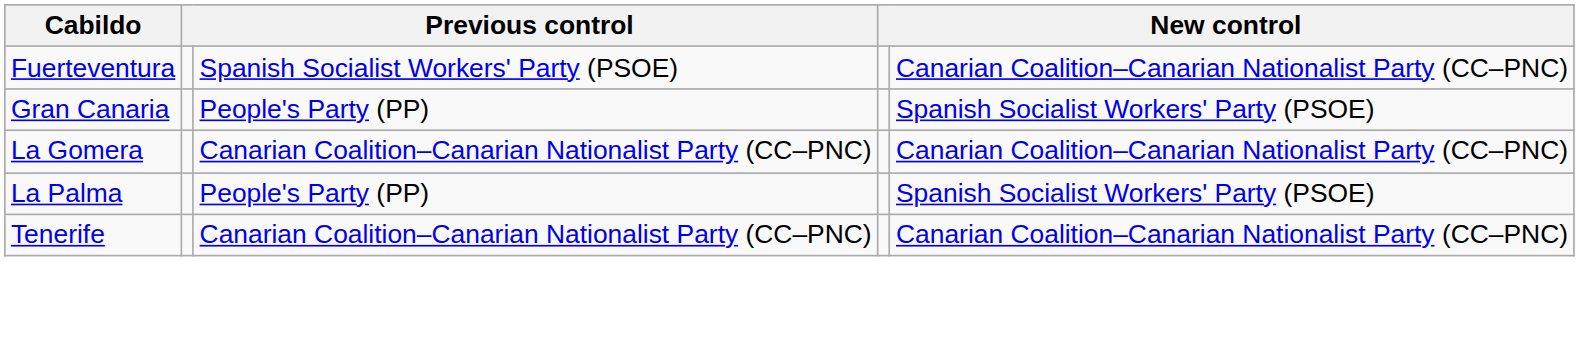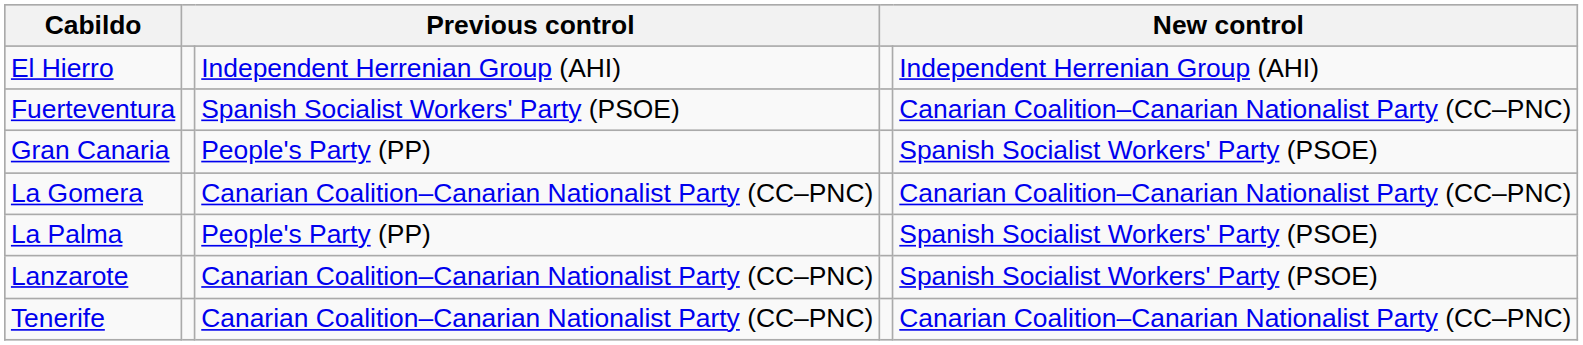 <table class="wikitable sortable">
 <tr>
 <th>Cabildo</th>
 <th colspan="2" style="width:375px;">Previous control</th>
 <th colspan="2" style="width:375px;">New control</th>
+</tr>
+<tr>
+<td><a href='#'>El Hierro</a></td>
+<td width="1" style="color:inherit;background:"></td>
+<td><a href='#'>Independent Herrenian Group</a> (AHI)</td>
+<td width="1" style="color:inherit;background:"></td>
+<td><a href='#'>Independent Herrenian Group</a> (AHI)</td>
 </tr>
 <tr>
 <td><a href='#'>Fuerteventura</a></td>
 <td style="color:inherit;background:"></td>
 <td><a href='#'>Spanish Socialist Workers' Party</a> (PSOE)</td>
 <td style="color:inherit;background:"></td>
 <td><a href='#'>Canarian Coalition–Canarian Nationalist Party</a> (CC–PNC)</td>
 </tr>
 <tr>
 <td><a href='#'>Gran Canaria</a></td>
 <td style="color:inherit;background:"></td>
 <td><a href='#'>People's Party</a> (PP)</td>
 <td style="color:inherit;background:"></td>
 <td><a href='#'>Spanish Socialist Workers' Party</a> (PSOE)</td>
 </tr>
 <tr>
 <td><a href='#'>La Gomera</a></td>
 <td style="color:inherit;background:"></td>
 <td><a href='#'>Canarian Coalition–Canarian Nationalist Party</a> (CC–PNC)</td>
 <td style="color:inherit;background:"></td>
 <td><a href='#'>Canarian Coalition–Canarian Nationalist Party</a> (CC–PNC)</td>
 </tr>
 <tr>
 <td><a href='#'>La Palma</a></td>
 <td style="color:inherit;background:"></td>
 <td><a href='#'>People's Party</a> (PP)</td>
 <td style="color:inherit;background:"></td>
 <td><a href='#'>Spanish Socialist Workers' Party</a> (PSOE) </td>
 </tr>
 <tr>
+<td><a href='#'>Lanzarote</a></td>
+<td style="color:inherit;background:"></td>
+<td><a href='#'>Canarian Coalition–Canarian Nationalist Party</a> (CC–PNC)</td>
+<td style="color:inherit;background:"></td>
+<td><a href='#'>Spanish Socialist Workers' Party</a> (PSOE) </td>
+</tr>
+<tr>
 <td><a href='#'>Tenerife</a></td>
 <td style="color:inherit;background:"></td>
 <td><a href='#'>Canarian Coalition–Canarian Nationalist Party</a> (CC–PNC)</td>
 <td style="color:inherit;background:"></td>
 <td><a href='#'>Canarian Coalition–Canarian Nationalist Party</a> (CC–PNC)</td>
 </tr>
 </table>
